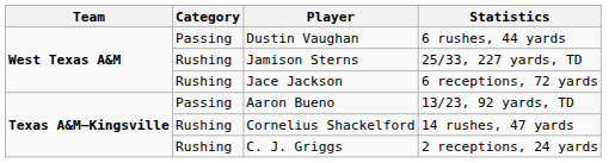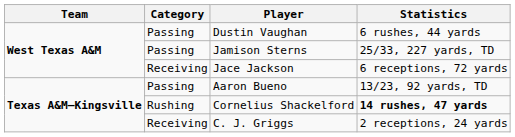 <table class="wikitable" style="float: left;">
 <tr>
 <th>Team</th>
 <th>Category</th>
 <th>Player</th>
 <th>Statistics</th>
 </tr>
 <tr>
 <td rowspan=3><strong>West Texas A&M</strong></td>
 <td>Passing</td>
 <td>Dustin Vaughan</td>
 <td>6 rushes, 44 yards</td>
 </tr>
 <tr>
-<td>Rushing</td>
+<td>Passing</td>
 <td>Jamison Sterns</td>
 <td>25/33, 227 yards, TD</td>
 </tr>
 <tr>
-<td>Rushing</td>
+<td>Receiving</td>
 <td>Jace Jackson</td>
 <td>6 receptions, 72 yards</td>
 </tr>
 <tr>
 <td rowspan=3><strong>Texas A&M–Kingsville</strong></td>
 <td>Passing</td>
 <td>Aaron Bueno</td>
 <td>13/23, 92 yards, TD</td>
 </tr>
 <tr>
 <td>Rushing</td>
 <td>Cornelius Shackelford</td>
-<td>14 rushes, 47 yards</td>
+<td><strong>14 rushes, 47 yards</strong></td>
 </tr>
 <tr>
-<td>Rushing</td>
+<td>Receiving</td>
 <td>C. J. Griggs</td>
 <td>2 receptions, 24 yards</td>
 </tr>
 </table>
